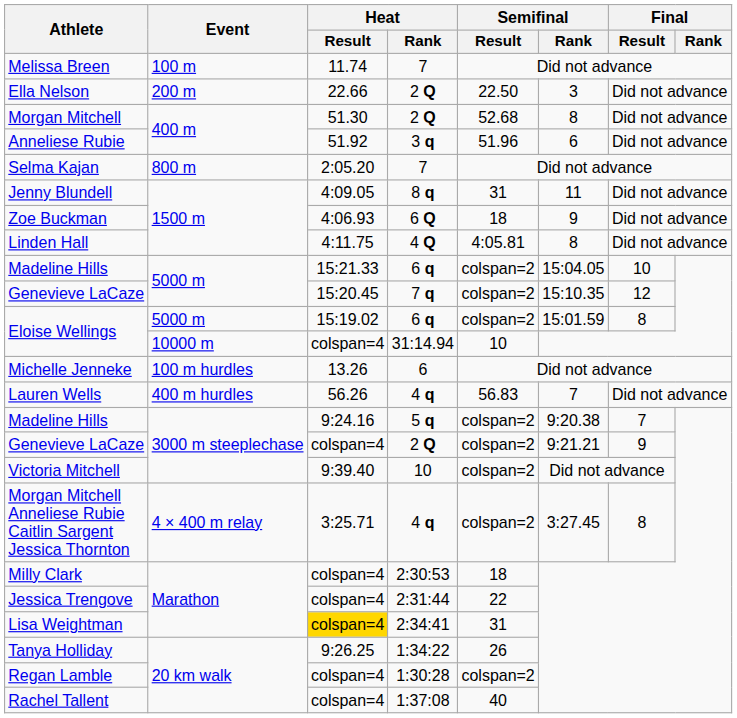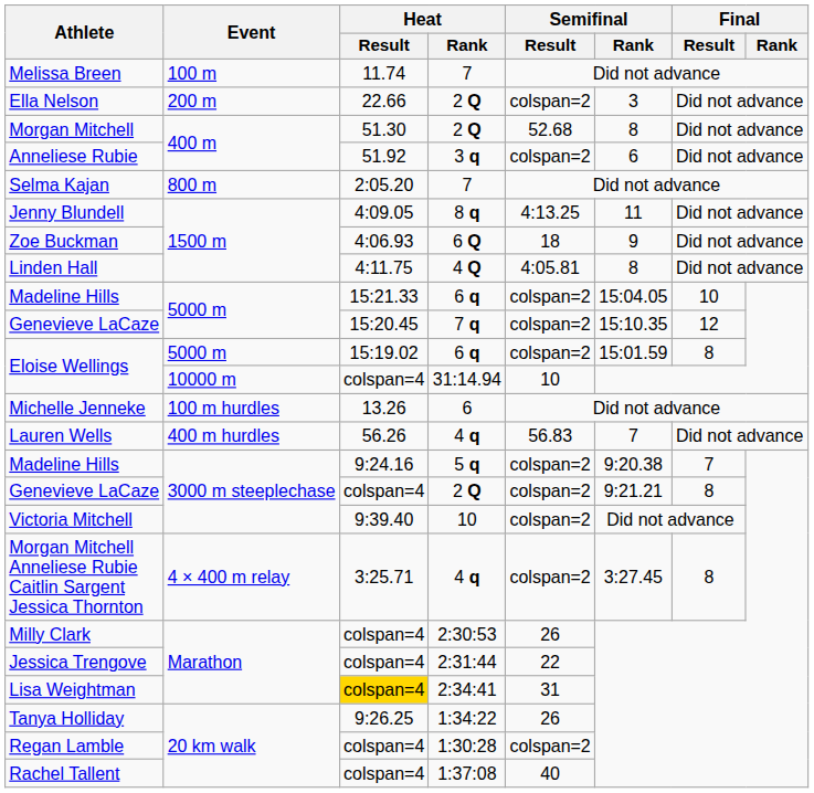 <table class="wikitable" style="font-size:90%">
 <tr>
 <th rowspan="2">Athlete</th>
 <th rowspan="2">Event</th>
 <th colspan="2">Heat</th>
 <th colspan="2">Semifinal</th>
 <th colspan="2">Final</th>
 </tr>
 <tr style="font-size:95%">
 <th>Result</th>
 <th>Rank</th>
 <th>Result</th>
 <th>Rank</th>
 <th>Result</th>
 <th>Rank</th>
 </tr>
 <tr align=center>
 <td align=left><a href='#'>Melissa Breen</a></td>
 <td align=left><a href='#'>100 m</a></td>
 <td>11.74</td>
 <td>7</td>
 <td colspan=4>Did not advance</td>
 </tr>
 <tr align=center>
 <td align=left><a href='#'>Ella Nelson</a></td>
 <td align=left><a href='#'>200 m</a></td>
 <td>22.66</td>
 <td>2 <strong>Q</strong></td>
-<td>22.50</td>
+<td>colspan=2 </td>
 <td>3</td>
 <td colspan=2>Did not advance</td>
 </tr>
 <tr align=center>
 <td align=left><a href='#'>Morgan Mitchell</a></td>
 <td align=left rowspan=2><a href='#'>400 m</a></td>
 <td>51.30</td>
 <td>2 <strong>Q</strong></td>
 <td>52.68</td>
 <td>8</td>
 <td colspan=2>Did not advance</td>
 </tr>
 <tr align=center>
 <td align=left><a href='#'>Anneliese Rubie</a></td>
 <td>51.92</td>
 <td>3 <strong>q</strong></td>
-<td>51.96</td>
+<td>colspan=2 </td>
 <td>6</td>
 <td colspan=2>Did not advance</td>
 </tr>
 <tr align=center>
 <td align=left><a href='#'>Selma Kajan</a></td>
 <td align=left><a href='#'>800 m</a></td>
 <td>2:05.20</td>
 <td>7</td>
 <td colspan=4>Did not advance</td>
 </tr>
 <tr align=center>
 <td align=left><a href='#'>Jenny Blundell</a></td>
 <td align=left rowspan=3><a href='#'>1500 m</a></td>
 <td>4:09.05</td>
 <td>8 <strong>q</strong></td>
-<td>31</td>
+<td>4:13.25</td>
 <td>11</td>
 <td colspan=2>Did not advance</td>
 </tr>
 <tr align=center>
 <td align=left><a href='#'>Zoe Buckman</a></td>
 <td>4:06.93</td>
 <td>6 <strong>Q</strong></td>
 <td>18</td>
 <td>9</td>
 <td colspan=2>Did not advance</td>
 </tr>
 <tr align=center>
 <td align=left><a href='#'>Linden Hall</a></td>
 <td>4:11.75</td>
 <td>4 <strong>Q</strong></td>
 <td>4:05.81</td>
 <td>8</td>
 <td colspan=2>Did not advance</td>
 </tr>
 <tr align=center>
 <td align=left><a href='#'>Madeline Hills</a></td>
 <td align=left rowspan=2><a href='#'>5000 m</a></td>
 <td>15:21.33</td>
 <td>6 <strong>q</strong></td>
 <td>colspan=2 </td>
 <td>15:04.05</td>
 <td>10</td>
 </tr>
 <tr align=center>
 <td align=left><a href='#'>Genevieve LaCaze</a></td>
 <td>15:20.45</td>
 <td>7 <strong>q</strong></td>
 <td>colspan=2 </td>
 <td>15:10.35</td>
 <td>12</td>
 </tr>
 <tr align=center>
 <td align=left rowspan=2><a href='#'>Eloise Wellings</a></td>
 <td align=left><a href='#'>5000 m</a></td>
 <td>15:19.02</td>
 <td>6 <strong>q</strong></td>
 <td>colspan=2 </td>
 <td>15:01.59</td>
 <td>8</td>
 </tr>
 <tr align=center>
 <td align=left><a href='#'>10000 m</a></td>
 <td>colspan=4 </td>
 <td>31:14.94</td>
 <td>10</td>
 </tr>
 <tr align=center>
 <td align=left><a href='#'>Michelle Jenneke</a></td>
 <td align=left><a href='#'>100 m hurdles</a></td>
 <td>13.26</td>
 <td>6</td>
 <td colspan=4>Did not advance</td>
 </tr>
 <tr align=center>
 <td align=left><a href='#'>Lauren Wells</a></td>
 <td align=left><a href='#'>400 m hurdles</a></td>
 <td>56.26</td>
 <td>4 <strong>q</strong></td>
 <td>56.83</td>
 <td>7</td>
 <td colspan=2>Did not advance</td>
 </tr>
 <tr align=center>
 <td align=left><a href='#'>Madeline Hills</a></td>
 <td align=left rowspan=3><a href='#'>3000 m steeplechase</a></td>
 <td>9:24.16</td>
 <td>5 <strong>q</strong></td>
 <td>colspan=2 </td>
 <td>9:20.38</td>
 <td>7</td>
 </tr>
 <tr align=center>
 <td align=left><a href='#'>Genevieve LaCaze</a></td>
 <td>colspan=4 </td>
 <td>2 <strong>Q</strong></td>
 <td>colspan=2 </td>
 <td>9:21.21</td>
-<td>9</td>
+<td>8</td>
 </tr>
 <tr align=center>
 <td align=left><a href='#'>Victoria Mitchell</a></td>
 <td>9:39.40</td>
 <td>10</td>
 <td>colspan=2 </td>
 <td colspan=2>Did not advance</td>
 </tr>
 <tr align=center>
 <td align=left><a href='#'>Morgan Mitchell</a><br><a href='#'>Anneliese Rubie</a><br><a href='#'>Caitlin Sargent</a><br><a href='#'>Jessica Thornton</a></td>
 <td align=left><a href='#'>4 × 400 m relay</a></td>
 <td>3:25.71</td>
 <td>4 <strong>q</strong></td>
 <td>colspan=2 </td>
 <td>3:27.45</td>
 <td>8</td>
 </tr>
 <tr align=center>
 <td align=left><a href='#'>Milly Clark</a></td>
 <td align=left rowspan=3><a href='#'>Marathon</a></td>
 <td>colspan=4 </td>
 <td>2:30:53</td>
-<td>18</td>
+<td>26</td>
 </tr>
 <tr align=center>
 <td align=left><a href='#'>Jessica Trengove</a></td>
 <td>colspan=4 </td>
 <td>2:31:44</td>
 <td>22</td>
 </tr>
 <tr align=center>
 <td align=left><a href='#'>Lisa Weightman</a></td>
 <td style="background: gold;">colspan=4 </td>
 <td>2:34:41</td>
 <td>31</td>
 </tr>
 <tr align=center>
 <td align=left><a href='#'>Tanya Holliday</a></td>
 <td align=left rowspan=3><a href='#'>20 km walk</a></td>
 <td>9:26.25</td>
 <td>1:34:22</td>
 <td>26</td>
 </tr>
 <tr align=center>
 <td align=left><a href='#'>Regan Lamble</a></td>
 <td>colspan=4 </td>
 <td>1:30:28</td>
 <td>colspan=2 </td>
 </tr>
 <tr align=center>
 <td align=left><a href='#'>Rachel Tallent</a></td>
 <td>colspan=4 </td>
 <td>1:37:08</td>
 <td>40</td>
 </tr>
 </table>
